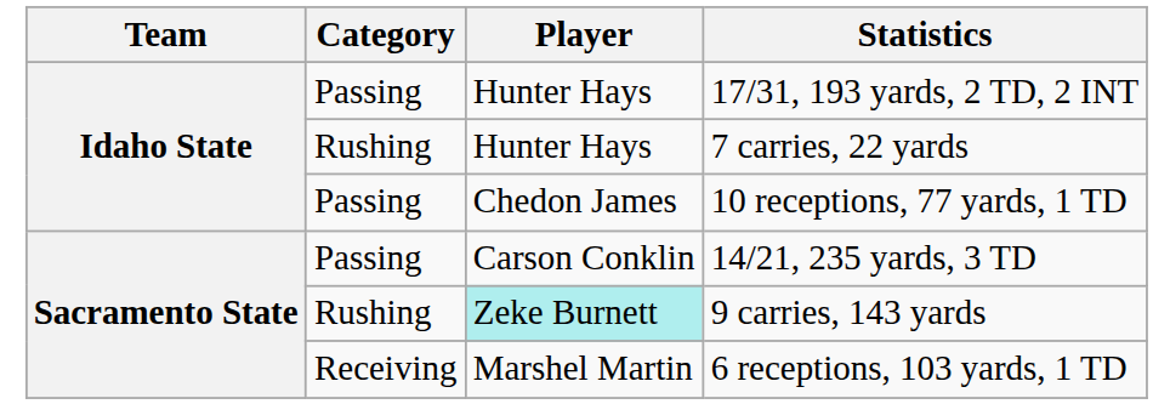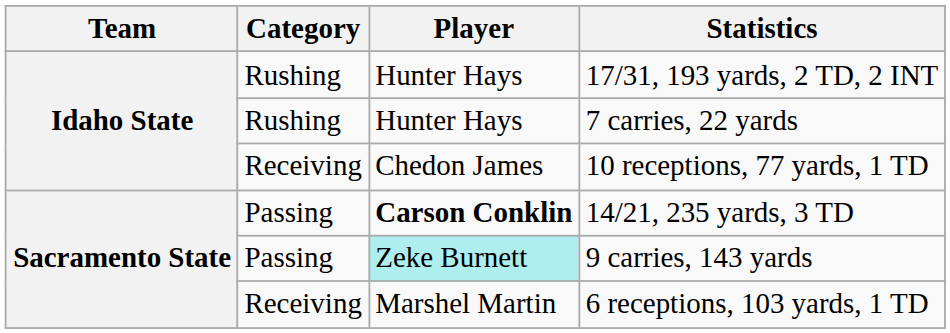 <table class="wikitable" style="float:right">
 <tr>
 <th>Team</th>
 <th>Category</th>
 <th>Player</th>
 <th>Statistics</th>
 </tr>
 <tr>
 <th rowspan=3>Idaho State</th>
-<td>Passing</td>
+<td>Rushing</td>
 <td>Hunter Hays</td>
 <td>17/31, 193 yards, 2 TD, 2 INT</td>
 </tr>
 <tr>
 <td>Rushing</td>
 <td>Hunter Hays</td>
 <td>7 carries, 22 yards</td>
 </tr>
 <tr>
-<td>Passing</td>
+<td>Receiving</td>
 <td>Chedon James</td>
 <td>10 receptions, 77 yards, 1 TD</td>
 </tr>
 <tr>
 <th rowspan=3>Sacramento State</th>
 <td>Passing</td>
-<td>Carson Conklin</td>
+<td><strong>Carson Conklin</strong></td>
 <td>14/21, 235 yards, 3 TD</td>
 </tr>
 <tr>
-<td>Rushing</td>
+<td>Passing</td>
 <td style="background: paleturquoise;">Zeke Burnett</td>
 <td>9 carries, 143 yards</td>
 </tr>
 <tr>
 <td>Receiving</td>
 <td>Marshel Martin</td>
 <td>6 receptions, 103 yards, 1 TD</td>
 </tr>
 </table>
